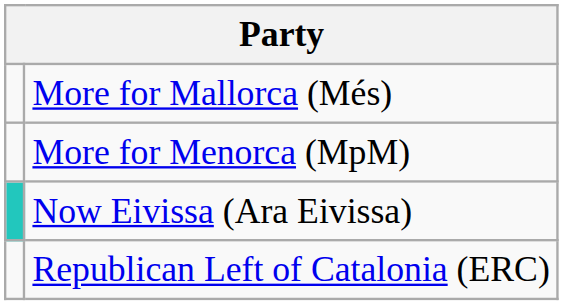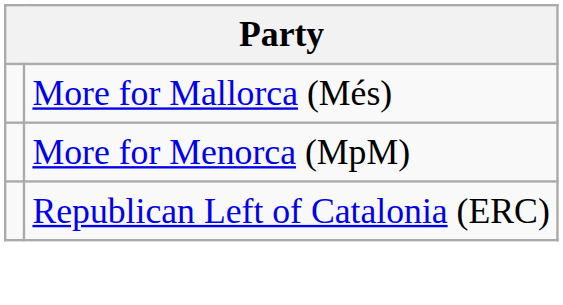 <table class="wikitable" style="text-align:left; font-size:95%;">
 <tr>
 <th colspan="2">Party</th>
 </tr>
 <tr>
 <td width="1"></td>
 <td><a href='#'>More for Mallorca</a> (Més)</td>
 </tr>
 <tr>
 <td></td>
 <td><a href='#'>More for Menorca</a> (MpM)</td>
 </tr>
 <tr>
-<td bgcolor="#22C7BD"></td>
-<td><a href='#'>Now Eivissa</a> (Ara Eivissa)</td>
-</tr>
-<tr>
 <td></td>
 <td><a href='#'>Republican Left of Catalonia</a> (ERC)</td>
 </tr>
 </table>
